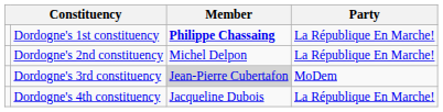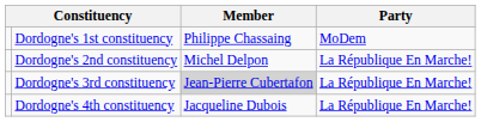 <table class="wikitable">
 <tr>
 <th colspan="2">Constituency</th>
 <th>Member</th>
 <th>Party</th>
 </tr>
 <tr>
 <td style="background-color: "></td>
 <td><a href='#'>Dordogne's 1st constituency</a></td>
-<td><strong><a href='#'>Philippe Chassaing</a></strong></td>
-<td><a href='#'>La République En Marche!</a></td>
+<td><a href='#'>Philippe Chassaing</a></td>
+<td><a href='#'>MoDem</a></td>
 </tr>
 <tr>
 <td style="background-color: "></td>
 <td><a href='#'>Dordogne's 2nd constituency</a></td>
 <td><a href='#'>Michel Delpon</a></td>
 <td><a href='#'>La République En Marche!</a></td>
 </tr>
 <tr>
 <td style="background-color: "></td>
 <td><a href='#'>Dordogne's 3rd constituency</a></td>
 <td style="background: lightgrey;"><a href='#'>Jean-Pierre Cubertafon</a></td>
-<td><a href='#'>MoDem</a></td>
+<td><a href='#'>La République En Marche!</a></td>
 </tr>
 <tr>
 <td style="background-color: "></td>
 <td><a href='#'>Dordogne's 4th constituency</a></td>
 <td><a href='#'>Jacqueline Dubois</a></td>
 <td><a href='#'>La République En Marche!</a></td>
 </tr>
 </table>
